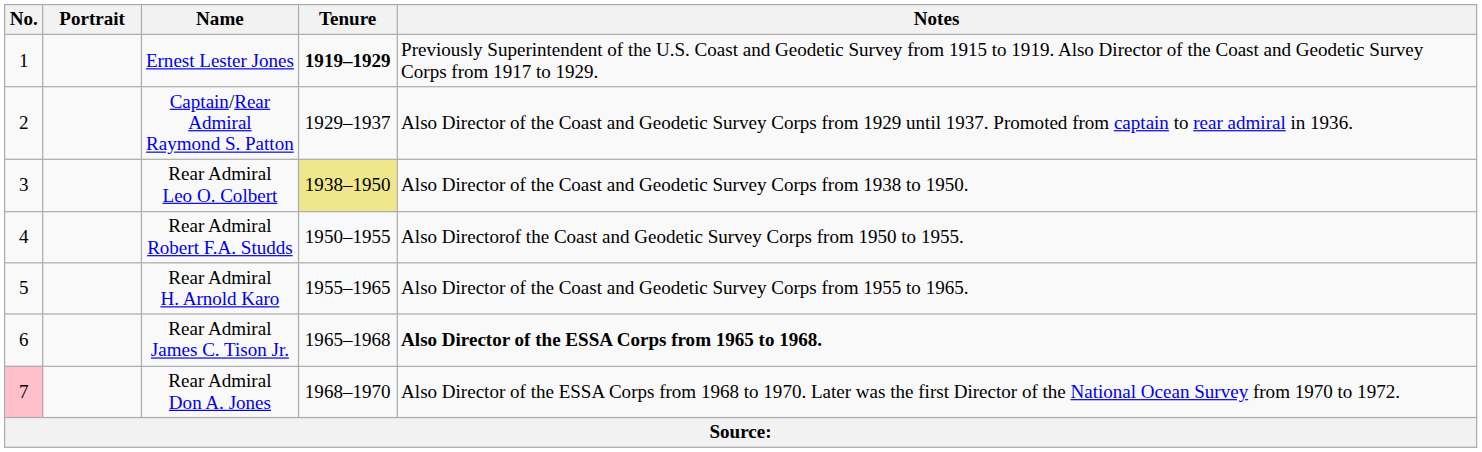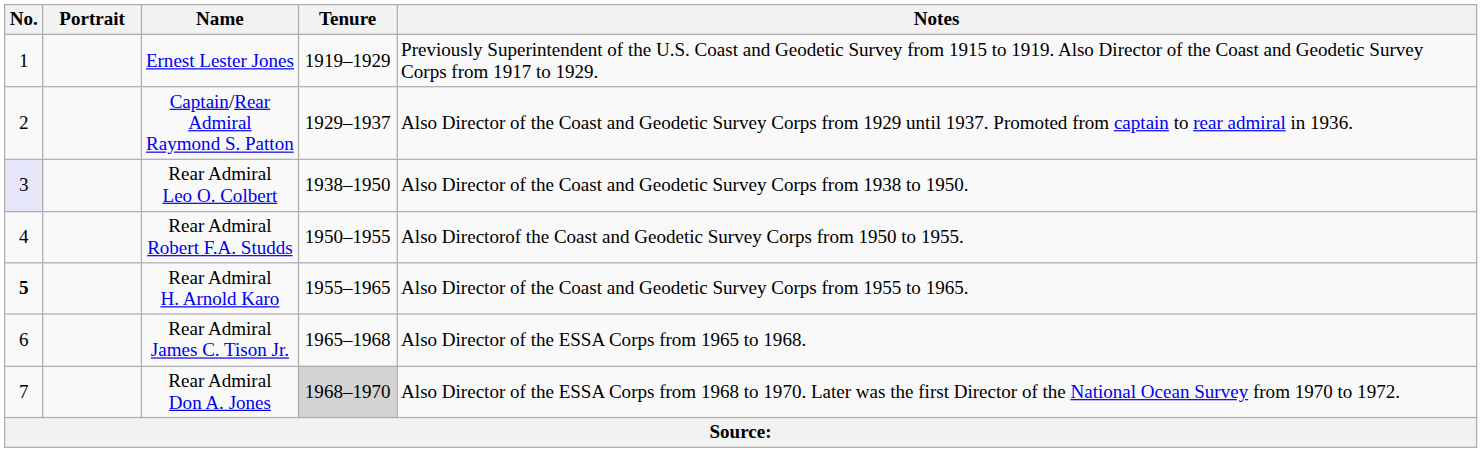 <table class="wikitable sortable">
 <tr>
 <th width="25" style="text-align:center">No.</th>
 <th width="75" style="text-align:center">Portrait</th>
 <th width="125" style="text-align:center">Name</th>
 <th width="75" style="text-align:center">Tenure</th>
 <th width="900" style="text-align:center">Notes</th>
 </tr>
 <tr>
 <td style="text-align:center">1</td>
 <td style="text-align:center"></td>
 <td style="text-align:center"><a href='#'>Ernest Lester Jones</a><br></td>
-<td style="text-align:center"><strong>1919–1929</strong></td>
+<td style="text-align:center">1919–1929</td>
 <td>Previously Superintendent of the U.S. Coast and Geodetic Survey from 1915 to 1919. Also Director of the Coast and Geodetic Survey Corps from 1917 to 1929.</td>
 </tr>
 <tr>
 <td style="text-align:center">2</td>
 <td style="text-align:center"></td>
 <td style="text-align:center"><a href='#'>Captain</a>/<a href='#'>Rear Admiral</a><br><a href='#'>Raymond S. Patton</a><br></td>
 <td style="text-align:center">1929–1937</td>
 <td>Also Director of the Coast and Geodetic Survey Corps from 1929 until 1937. Promoted from <a href='#'>captain</a> to <a href='#'>rear admiral</a> in 1936.</td>
 </tr>
 <tr>
-<td style="text-align:center">3</td>
+<td style="background: lavender; text-align:center">3</td>
 <td style="text-align:center"></td>
 <td style="text-align:center">Rear Admiral<br><a href='#'>Leo O. Colbert</a><br></td>
-<td style="background: khaki; text-align:center">1938–1950</td>
+<td style="text-align:center">1938–1950</td>
 <td>Also Director of the Coast and Geodetic Survey Corps from 1938 to 1950.</td>
 </tr>
 <tr>
 <td style="text-align:center">4</td>
 <td style="text-align:center"></td>
 <td style="text-align:center">Rear Admiral<br><a href='#'>Robert F.A. Studds</a><br></td>
 <td style="text-align:center">1950–1955</td>
 <td>Also Directorof the Coast and Geodetic Survey Corps from 1950 to 1955.</td>
 </tr>
 <tr>
-<td style="text-align:center">5</td>
+<td style="text-align:center"><strong>5</strong></td>
 <td style="text-align:center"></td>
 <td style="text-align:center">Rear Admiral<br><a href='#'>H. Arnold Karo</a><br></td>
 <td style="text-align:center">1955–1965</td>
 <td>Also Director of the Coast and Geodetic Survey Corps from 1955 to 1965.</td>
 </tr>
 <tr>
 <td style="text-align:center">6</td>
 <td style="text-align:center"></td>
 <td style="text-align:center">Rear Admiral<br><a href='#'>James C. Tison Jr.</a><br></td>
 <td style="text-align:center">1965–1968</td>
-<td><strong>Also Director of the ESSA Corps from 1965 to 1968.</strong></td>
+<td>Also Director of the ESSA Corps from 1965 to 1968.</td>
 </tr>
 <tr>
-<td style="background: pink; text-align:center">7</td>
+<td style="text-align:center">7</td>
 <td style="text-align:center"></td>
 <td style="text-align:center">Rear Admiral<br><a href='#'>Don A. Jones</a><br></td>
-<td style="text-align:center">1968–1970</td>
+<td style="background: lightgrey; text-align:center">1968–1970</td>
 <td>Also Director of the ESSA Corps from 1968 to 1970. Later was the first Director of the <a href='#'>National Ocean Survey</a> from 1970 to 1972.</td>
 </tr>
 <tr class=sortbottom>
 <th scope=row colspan=5><strong>Source:</strong></th>
 </tr>
 </table>
